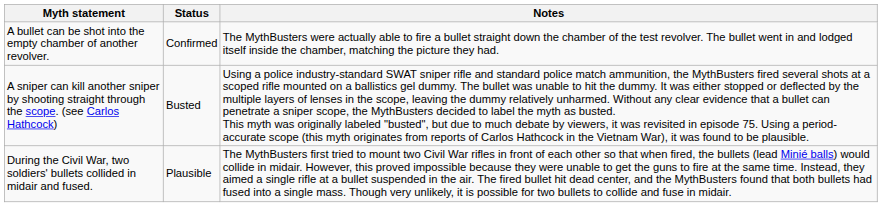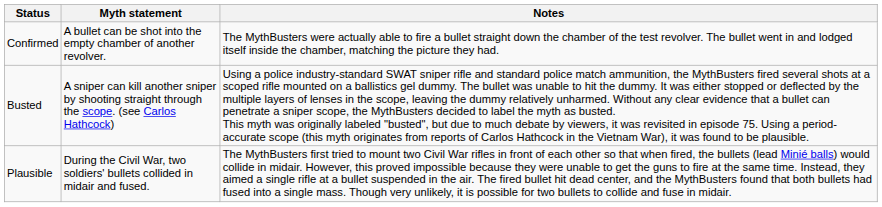 <table class="wikitable plainrowheaders">
 <tr>
+<th>Status</th>
 <th>Myth statement</th>
-<th>Status</th>
 <th>Notes</th>
 </tr>
 <tr>
+<td><span>Confirmed</span></td>
 <td>A bullet can be shot into the empty chamber of another revolver.</td>
-<td><span>Confirmed</span></td>
 <td>The MythBusters were actually able to fire a bullet straight down the chamber of the test revolver. The bullet went in and lodged itself inside the chamber, matching the picture they had.</td>
 </tr>
 <tr>
+<td><span>Busted</span></td>
 <td>A sniper can kill another sniper by shooting straight through the <a href='#'>scope</a>. (see <a href='#'>Carlos Hathcock</a>)</td>
-<td><span>Busted</span></td>
 <td>Using a police industry-standard SWAT sniper rifle and standard police match ammunition, the MythBusters fired several shots at a scoped rifle mounted on a ballistics gel dummy. The bullet was unable to hit the dummy. It was either stopped or deflected by the multiple layers of lenses in the scope, leaving the dummy relatively unharmed. Without any clear evidence that a bullet can penetrate a sniper scope, the MythBusters decided to label the myth as busted.<br>This myth was originally labeled "busted", but due to much debate by viewers, it was revisited in episode 75. Using a period-accurate scope (this myth originates from reports of Carlos Hathcock in the Vietnam War), it was found to be plausible.</td>
 </tr>
 <tr>
+<td><span>Plausible</span></td>
 <td>During the Civil War, two soldiers' bullets collided in midair and fused.</td>
-<td><span>Plausible</span></td>
 <td>The MythBusters first tried to mount two Civil War rifles in front of each other so that when fired, the bullets (lead <a href='#'>Minié balls</a>) would collide in midair. However, this proved impossible because they were unable to get the guns to fire at the same time. Instead, they aimed a single rifle at a bullet suspended in the air. The fired bullet hit dead center, and the MythBusters found that both bullets had fused into a single mass. Though very unlikely, it is possible for two bullets to collide and fuse in midair.</td>
 </tr>
 </table>
